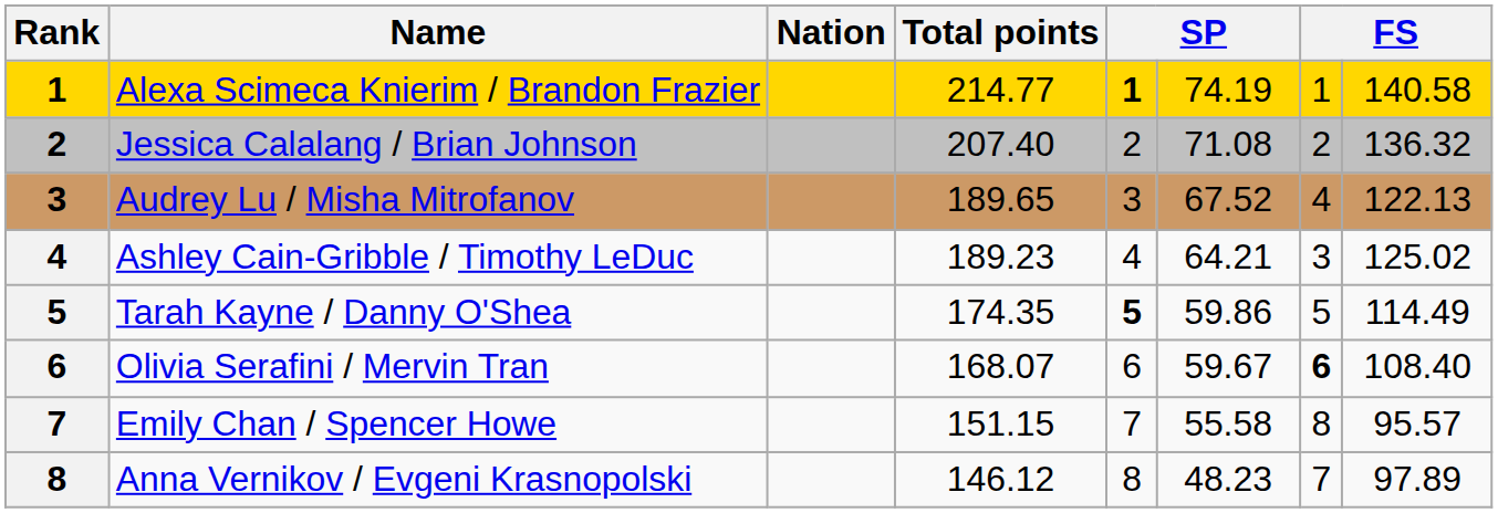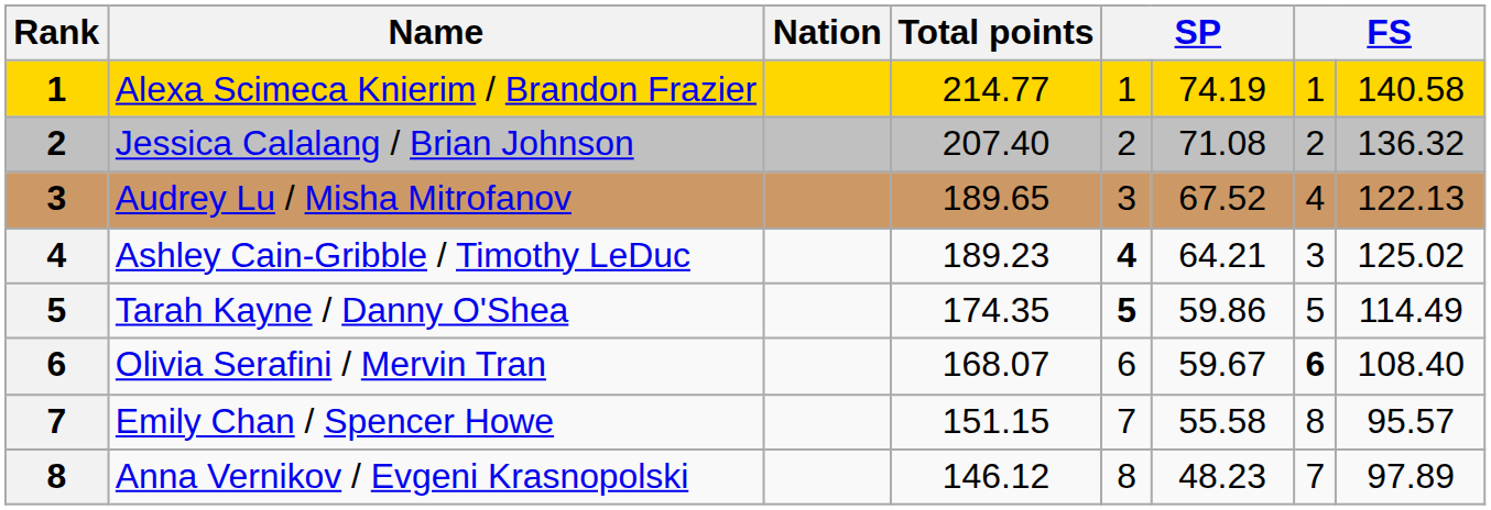 <table class="wikitable sortable">
 <tr>
 <th>Rank</th>
 <th>Name</th>
 <th>Nation</th>
 <th>Total points</th>
 <th colspan="2" width="80px"><a href='#'>SP</a></th>
 <th colspan="2" width="80px"><a href='#'>FS</a></th>
 </tr>
 <tr bgcolor="gold">
 <td align="center"><strong>1</strong></td>
 <td><a href='#'>Alexa Scimeca Knierim</a> / <a href='#'>Brandon Frazier</a></td>
 <td></td>
 <td align="center">214.77</td>
-<td align="center"><strong>1</strong></td>
+<td align="center">1</td>
 <td align="center">74.19</td>
 <td align="center">1</td>
 <td align="center">140.58</td>
 </tr>
 <tr bgcolor="silver">
 <td align="center"><strong>2</strong></td>
 <td><a href='#'>Jessica Calalang</a> / <a href='#'>Brian Johnson</a></td>
 <td></td>
 <td align="center">207.40</td>
 <td align="center">2</td>
 <td align="center">71.08</td>
 <td align="center">2</td>
 <td align="center">136.32</td>
 </tr>
 <tr bgcolor="cc9966">
 <td align="center"><strong>3</strong></td>
 <td><a href='#'>Audrey Lu</a> / <a href='#'>Misha Mitrofanov</a></td>
 <td></td>
 <td align="center">189.65</td>
 <td align="center">3</td>
 <td align="center">67.52</td>
 <td align="center">4</td>
 <td align="center">122.13</td>
 </tr>
 <tr>
 <th>4</th>
 <td><a href='#'>Ashley Cain-Gribble</a> / <a href='#'>Timothy LeDuc</a></td>
 <td></td>
 <td align="center">189.23</td>
-<td align="center">4</td>
+<td align="center"><strong>4</strong></td>
 <td align="center">64.21</td>
 <td align="center">3</td>
 <td align="center">125.02</td>
 </tr>
 <tr>
 <th>5</th>
 <td><a href='#'>Tarah Kayne</a> / <a href='#'>Danny O'Shea</a></td>
 <td></td>
 <td align="center">174.35</td>
 <td align="center"><strong>5</strong></td>
 <td align="center">59.86</td>
 <td align="center">5</td>
 <td align="center">114.49</td>
 </tr>
 <tr>
 <th>6</th>
 <td><a href='#'>Olivia Serafini</a> / <a href='#'>Mervin Tran</a></td>
 <td></td>
 <td align="center">168.07</td>
 <td align="center">6</td>
 <td align="center">59.67</td>
 <td align="center"><strong>6</strong></td>
 <td align="center">108.40</td>
 </tr>
 <tr>
 <th>7</th>
 <td><a href='#'>Emily Chan</a> / <a href='#'>Spencer Howe</a></td>
 <td></td>
 <td align="center">151.15</td>
 <td align="center">7</td>
 <td align="center">55.58</td>
 <td align="center">8</td>
 <td align="center">95.57</td>
 </tr>
 <tr>
 <th>8</th>
 <td><a href='#'>Anna Vernikov</a> / <a href='#'>Evgeni Krasnopolski</a></td>
 <td></td>
 <td align="center">146.12</td>
 <td align="center">8</td>
 <td align="center">48.23</td>
 <td align="center">7</td>
 <td align="center">97.89</td>
 </tr>
 </table>
